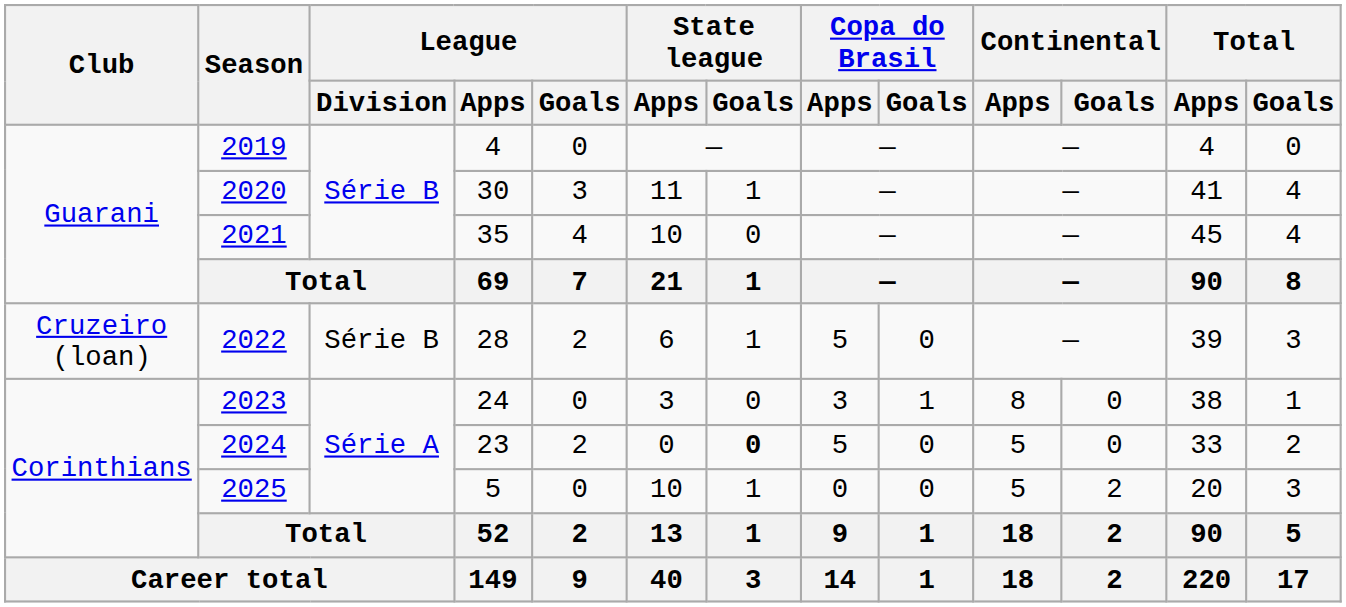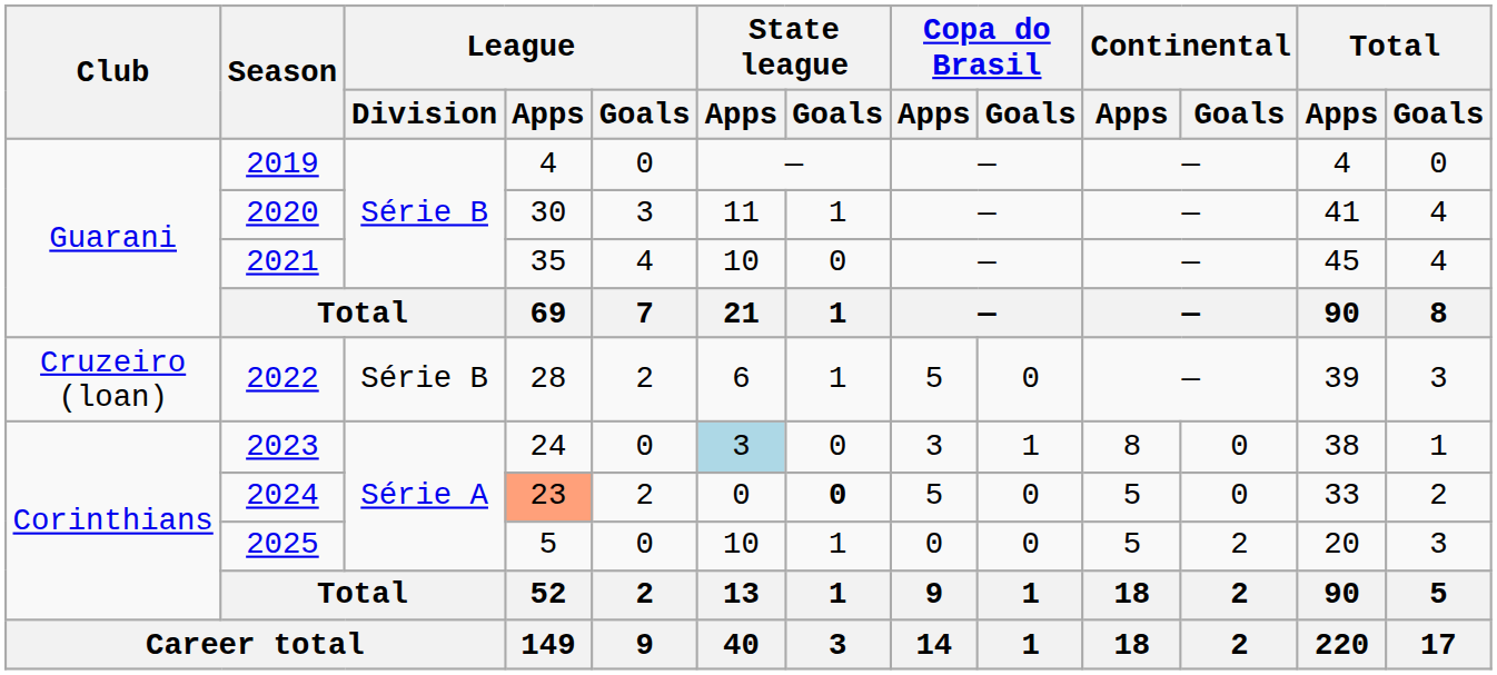 <table class="wikitable" style="text-align: center;">
 <tr>
 <th rowspan="2">Club</th>
 <th rowspan="2">Season</th>
 <th colspan="3">League</th>
 <th colspan="2">State league</th>
 <th colspan="2"><a href='#'>Copa do Brasil</a></th>
 <th colspan="2">Continental</th>
 <th colspan="2">Total</th>
 </tr>
 <tr>
 <th>Division</th>
 <th>Apps</th>
 <th>Goals</th>
 <th>Apps</th>
 <th>Goals</th>
 <th>Apps</th>
 <th>Goals</th>
 <th>Apps</th>
 <th>Goals</th>
 <th>Apps</th>
 <th>Goals</th>
 </tr>
 <tr>
 <td rowspan="4" valign="center"><a href='#'>Guarani</a></td>
 <td><a href='#'>2019</a></td>
 <td rowspan="3"><a href='#'>Série B</a></td>
 <td>4</td>
 <td>0</td>
 <td colspan="2">—</td>
 <td colspan="2">—</td>
 <td colspan="2">—</td>
 <td>4</td>
 <td>0</td>
 </tr>
 <tr>
 <td><a href='#'>2020</a></td>
 <td>30</td>
 <td>3</td>
 <td>11</td>
 <td>1</td>
 <td colspan="2">—</td>
 <td colspan="2">—</td>
 <td>41</td>
 <td>4</td>
 </tr>
 <tr>
 <td><a href='#'>2021</a></td>
 <td>35</td>
 <td>4</td>
 <td>10</td>
 <td>0</td>
 <td colspan="2">—</td>
 <td colspan="2">—</td>
 <td>45</td>
 <td>4</td>
 </tr>
 <tr>
 <th colspan="2">Total</th>
 <th>69</th>
 <th>7</th>
 <th>21</th>
 <th>1</th>
 <th colspan="2">—</th>
 <th colspan="2">—</th>
 <th>90</th>
 <th>8</th>
 </tr>
 <tr>
 <td><a href='#'>Cruzeiro</a> (loan)</td>
 <td><a href='#'>2022</a></td>
 <td>Série B</td>
 <td>28</td>
 <td>2</td>
 <td>6</td>
 <td>1</td>
 <td>5</td>
 <td>0</td>
 <td colspan="2">—</td>
 <td>39</td>
 <td>3</td>
 </tr>
 <tr>
 <td rowspan="4"><a href='#'>Corinthians</a></td>
 <td><a href='#'>2023</a></td>
 <td rowspan="3"><a href='#'>Série A</a></td>
 <td>24</td>
 <td>0</td>
-<td>3</td>
+<td style="background: lightblue;">3</td>
 <td>0</td>
 <td>3</td>
 <td>1</td>
 <td>8</td>
 <td>0</td>
 <td>38</td>
 <td>1</td>
 </tr>
 <tr>
 <td><a href='#'>2024</a></td>
-<td>23</td>
+<td style="background: lightsalmon;">23</td>
 <td>2</td>
 <td>0</td>
 <td><strong>0</strong></td>
 <td>5</td>
 <td>0</td>
 <td>5</td>
 <td>0</td>
 <td>33</td>
 <td>2</td>
 </tr>
 <tr>
 <td><a href='#'>2025</a></td>
 <td>5</td>
 <td>0</td>
 <td>10</td>
 <td>1</td>
 <td>0</td>
 <td>0</td>
 <td>5</td>
 <td>2</td>
 <td>20</td>
 <td>3</td>
 </tr>
 <tr>
 <th colspan="2">Total</th>
 <th>52</th>
 <th>2</th>
 <th>13</th>
 <th>1</th>
 <th>9</th>
 <th>1</th>
 <th>18</th>
 <th>2</th>
 <th>90</th>
 <th>5</th>
 </tr>
 <tr>
 <th colspan="3">Career total</th>
 <th>149</th>
 <th>9</th>
 <th>40</th>
 <th>3</th>
 <th>14</th>
 <th>1</th>
 <th>18</th>
 <th>2</th>
 <th>220</th>
 <th>17</th>
 </tr>
 </table>
